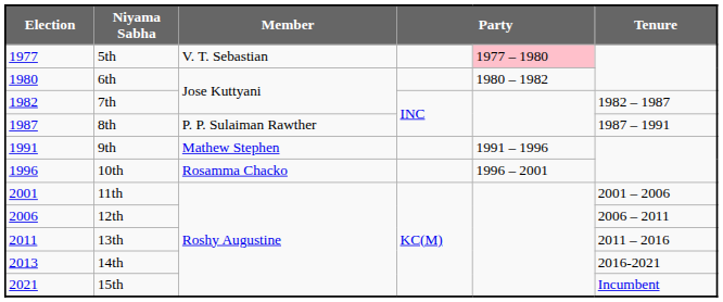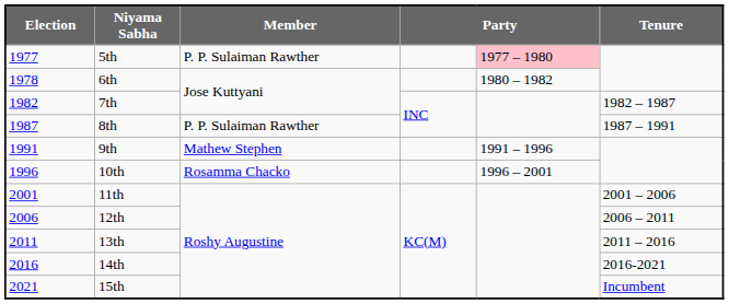 <table class="wikitable sortable" width="50%" style="border: 2px #000000 solid; font-size: x-big;">
 <tr>
 <th style="background-color:#666666; color:white">Election</th>
 <th style="background-color:#666666; color:white">Niyama<br>Sabha</th>
 <th style="background-color:#666666; color:white">Member</th>
 <th colspan="2" style="background-color:#666666; color:white">Party</th>
 <th style="background-color:#666666; color:white">Tenure</th>
 </tr>
 <tr>
 <td><a href='#'>1977</a></td>
 <td>5th</td>
-<td>V. T. Sebastian</td>
+<td>P. P. Sulaiman Rawther</td>
 <td></td>
 <td style="background: pink;">1977 – 1980</td>
 </tr>
 <tr>
-<td><a href='#'>1980</a></td>
+<td><a href='#'>1978</a></td>
 <td>6th</td>
 <td rowspan="2">Jose Kuttyani</td>
 <td></td>
 <td>1980 – 1982</td>
 </tr>
 <tr>
 <td><a href='#'>1982</a></td>
 <td>7th</td>
 <td rowspan="2"><a href='#'>INC</a></td>
 <td rowspan="2" style="background-color: "></td>
 <td>1982 – 1987</td>
 </tr>
 <tr>
 <td><a href='#'>1987</a></td>
 <td>8th</td>
 <td>P. P. Sulaiman Rawther</td>
 <td>1987 – 1991</td>
 </tr>
 <tr>
 <td><a href='#'>1991</a></td>
 <td>9th</td>
 <td><a href='#'>Mathew Stephen</a></td>
 <td></td>
 <td>1991 – 1996</td>
 </tr>
 <tr>
 <td><a href='#'>1996</a></td>
 <td>10th</td>
 <td><a href='#'>Rosamma Chacko</a></td>
 <td></td>
 <td>1996 – 2001</td>
 </tr>
 <tr>
 <td><a href='#'>2001</a></td>
 <td>11th</td>
 <td rowspan="5"><a href='#'>Roshy Augustine</a></td>
 <td rowspan="5"><a href='#'>KC(M)</a></td>
 <td rowspan="5" style="background-color: "></td>
 <td>2001 – 2006</td>
 </tr>
 <tr>
 <td><a href='#'>2006</a></td>
 <td>12th</td>
 <td>2006 – 2011</td>
 </tr>
 <tr>
 <td><a href='#'>2011</a></td>
 <td>13th</td>
 <td>2011 – 2016</td>
 </tr>
 <tr>
-<td><a href='#'>2013</a></td>
+<td><a href='#'>2016</a></td>
 <td>14th</td>
 <td>2016-2021</td>
 </tr>
 <tr>
 <td><a href='#'>2021</a></td>
 <td>15th</td>
 <td><a href='#'>Incumbent</a></td>
 </tr>
 <tr>
 </tr>
 </table>
